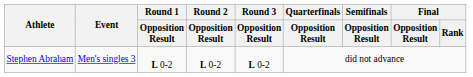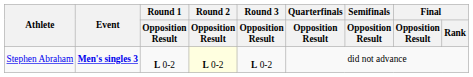 <table class="wikitable" style="font-size:90%">
 <tr>
 <th rowspan="2">Athlete</th>
 <th rowspan="2">Event</th>
 <th>Round 1</th>
 <th>Round 2</th>
 <th>Round 3</th>
 <th>Quarterfinals</th>
 <th>Semifinals</th>
 <th colspan="2">Final</th>
 </tr>
 <tr>
 <th>Opposition<br>Result</th>
 <th>Opposition<br>Result</th>
 <th>Opposition<br>Result</th>
 <th>Opposition<br>Result</th>
 <th>Opposition<br>Result</th>
 <th>Opposition<br>Result</th>
 <th>Rank</th>
 </tr>
 <tr>
 <td><a href='#'>Stephen Abraham</a></td>
-<td><a href='#'>Men's singles 3</a></td>
+<td><strong><a href='#'>Men's singles 3</a></strong></td>
 <td align="center"><br><strong>L</strong> 0-2</td>
-<td align="center"><br><strong>L</strong> 0-2</td>
+<td align="center" style="background: lightyellow;"><br><strong>L</strong> 0-2</td>
 <td align="center"><br><strong>L</strong> 0-2</td>
 <td align="center" colspan="4">did not advance</td>
 </tr>
 </table>
